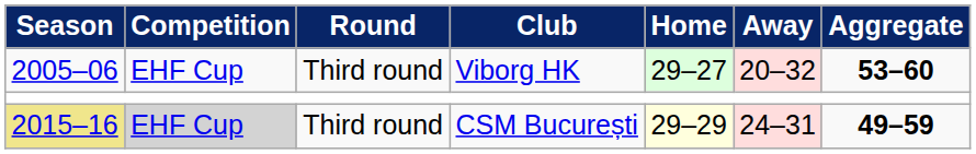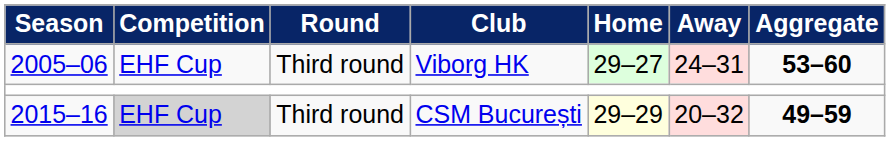 <table class="wikitable" style="text-align: left">
 <tr>
 <th style="color:#FFFFFF; background:#082567">Season</th>
 <th style="color:#FFFFFF; background:#082567">Competition</th>
 <th style="color:#FFFFFF; background:#082567">Round</th>
 <th style="color:#FFFFFF; background:#082567">Club</th>
 <th style="color:#FFFFFF; background:#082567">Home</th>
 <th style="color:#FFFFFF; background:#082567">Away</th>
 <th style="color:#FFFFFF; background:#082567">Aggregate</th>
 </tr>
 <tr>
 <td rowspan=1><a href='#'>2005–06</a></td>
 <td rowspan=1><a href='#'>EHF Cup</a></td>
 <td>Third round</td>
 <td> <a href='#'>Viborg HK</a></td>
 <td style="text-align:center; background:#dfd;">29–27</td>
-<td style="text-align:center; background:#fdd;">20–32</td>
+<td style="text-align:center; background:#fdd;">24–31</td>
 <td style="text-align:center;"><strong>53–60</strong></td>
 </tr>
 <tr>
 <td colspan=7 style="text-align: center;" bgcolor=white></td>
 </tr>
 <tr>
-<td rowspan=1 style="background: khaki;"><a href='#'>2015–16</a></td>
+<td rowspan=1><a href='#'>2015–16</a></td>
 <td rowspan=1 style="background: lightgrey;"><a href='#'>EHF Cup</a></td>
 <td>Third round</td>
 <td> <a href='#'>CSM București</a></td>
 <td style="text-align:center; background:#ffd;">29–29</td>
-<td style="text-align:center; background:#fdd;">24–31</td>
+<td style="text-align:center; background:#fdd;">20–32</td>
 <td style="text-align:center;"><strong>49–59</strong></td>
 </tr>
 </table>
